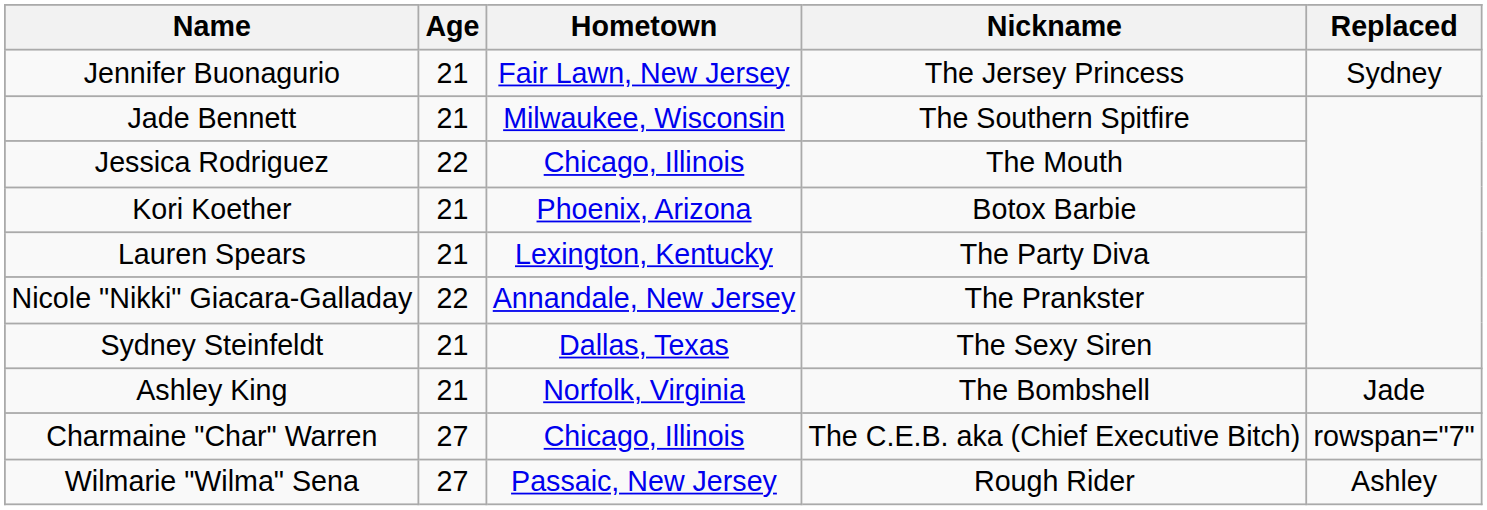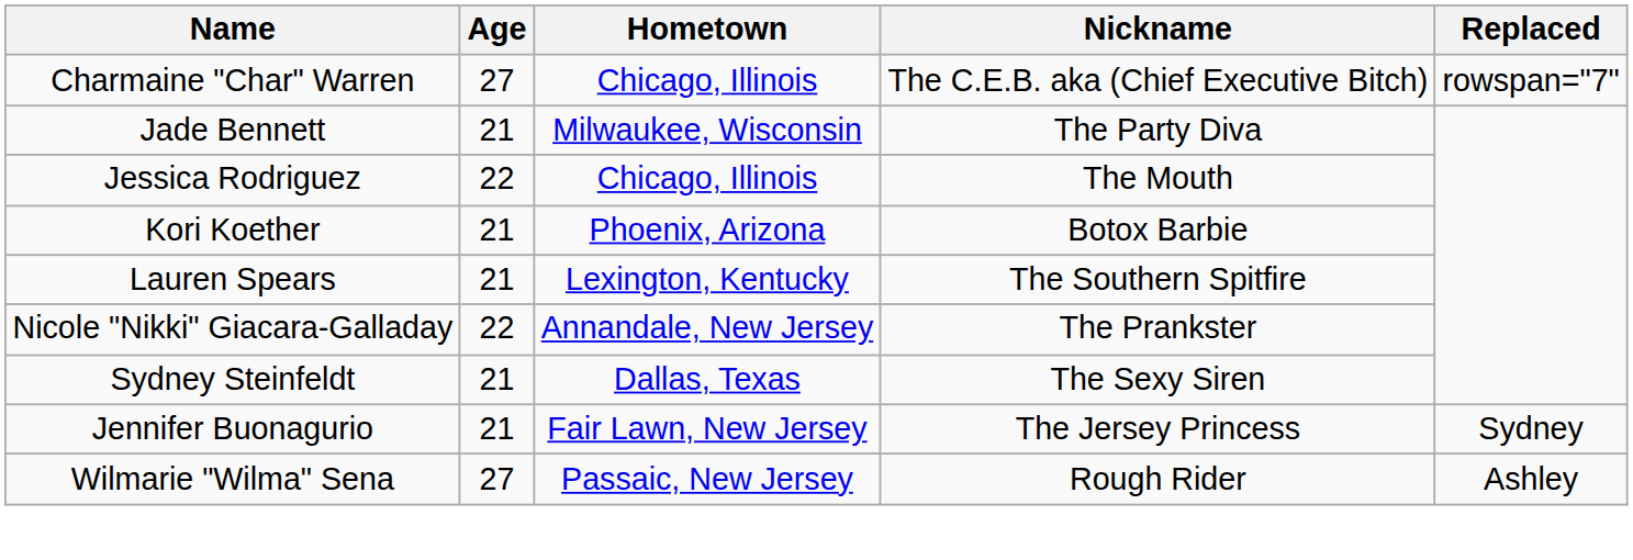 <table class="wikitable sortable plainrowheaders" style="text-align:center;">
 <tr>
 <th scope="col">Name</th>
 <th scope="col">Age</th>
 <th scope="col">Hometown</th>
 <th scope="col">Nickname</th>
 <th scope="col">Replaced</th>
 </tr>
 <tr>
-<td scope="row">Jennifer Buonagurio</td>
-<td>21</td>
-<td><a href='#'>Fair Lawn, New Jersey</a></td>
-<td>The Jersey Princess</td>
-<td>Sydney</td>
+<td scope="row">Charmaine "Char" Warren</td>
+<td>27</td>
+<td><a href='#'>Chicago, Illinois</a></td>
+<td>The C.E.B. aka (Chief Executive Bitch)</td>
+<td>rowspan="7" </td>
 </tr>
 <tr>
 <td scope="row">Jade Bennett</td>
 <td>21</td>
 <td><a href='#'>Milwaukee, Wisconsin</a></td>
-<td>The Southern Spitfire</td>
+<td>The Party Diva</td>
 </tr>
 <tr>
 <td scope="row">Jessica Rodriguez</td>
 <td>22</td>
 <td><a href='#'>Chicago, Illinois</a></td>
 <td>The Mouth</td>
 </tr>
 <tr>
 <td scope="row">Kori Koether</td>
 <td>21</td>
 <td><a href='#'>Phoenix, Arizona</a></td>
 <td>Botox Barbie</td>
 </tr>
 <tr>
 <td scope="row">Lauren Spears</td>
 <td>21</td>
 <td><a href='#'>Lexington, Kentucky</a></td>
-<td>The Party Diva</td>
+<td>The Southern Spitfire</td>
 </tr>
 <tr>
 <td scope="row">Nicole "Nikki" Giacara-Galladay</td>
 <td>22</td>
 <td><a href='#'>Annandale, New Jersey</a></td>
 <td>The Prankster</td>
 </tr>
 <tr>
 <td scope="row">Sydney Steinfeldt</td>
 <td>21</td>
 <td><a href='#'>Dallas, Texas</a></td>
 <td>The Sexy Siren</td>
 </tr>
 <tr>
-<td scope="row">Ashley King</td>
+<td scope="row">Jennifer Buonagurio</td>
 <td>21</td>
-<td><a href='#'>Norfolk, Virginia</a></td>
-<td>The Bombshell</td>
-<td>Jade</td>
-</tr>
-<tr>
-<td scope="row">Charmaine "Char" Warren</td>
-<td>27</td>
-<td><a href='#'>Chicago, Illinois</a></td>
-<td>The C.E.B. aka (Chief Executive Bitch)</td>
-<td>rowspan="7" </td>
+<td><a href='#'>Fair Lawn, New Jersey</a></td>
+<td>The Jersey Princess</td>
+<td>Sydney</td>
 </tr>
 <tr>
 <td scope="row">Wilmarie "Wilma" Sena</td>
 <td>27</td>
 <td><a href='#'>Passaic, New Jersey</a></td>
 <td>Rough Rider</td>
 <td>Ashley</td>
 </tr>
 </table>
